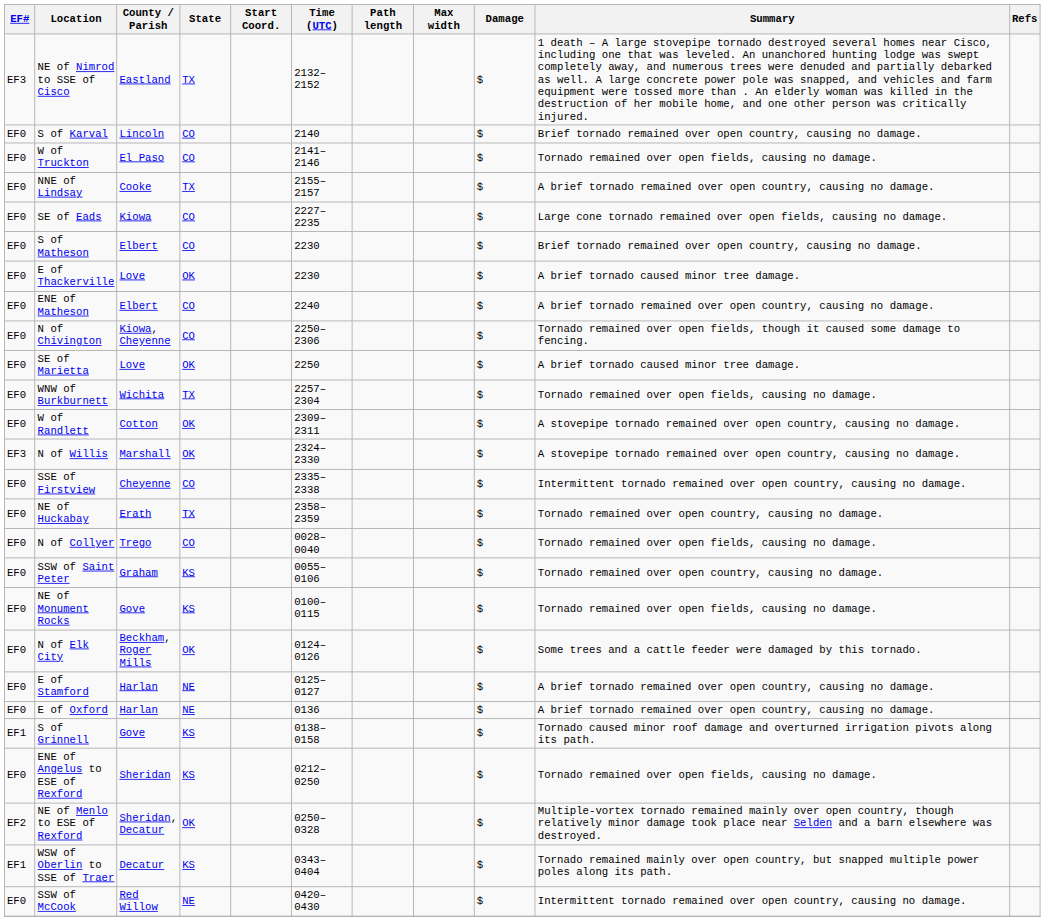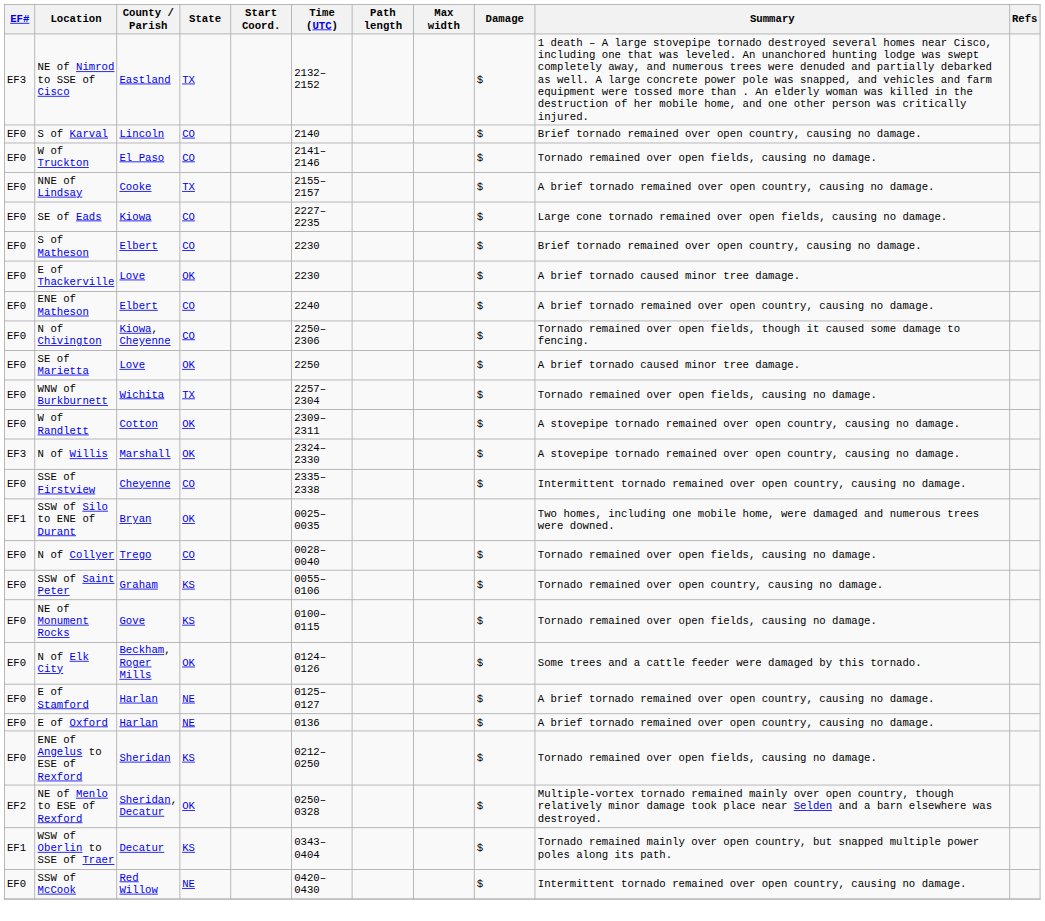 <table class="wikitable sortable" style="width:100%;">
 <tr>
 <th scope="col" width="3%" align="center"><a href='#'>EF#</a></th>
 <th scope="col" width="7%" align="center" class="unsortable">Location</th>
 <th scope="col" width="6%" align="center" class="unsortable">County / Parish</th>
 <th scope="col" width="5%" align="center">State</th>
 <th scope="col" width="6%" align="center">Start Coord.</th>
 <th scope="col" width="6%" align="center">Time (<a href='#'>UTC</a>)</th>
 <th scope="col" width="6%" align="center">Path length</th>
 <th scope="col" width="6%" align="center">Max width</th>
 <th scope="col" width="6%" align="center">Damage</th>
 <th scope="col" width="48%" class="unsortable" align="center">Summary</th>
 <th scope="col" width="48%" class="unsortable" align="center">Refs</th>
 </tr>
 <tr>
 <td>EF3</td>
 <td>NE of <a href='#'>Nimrod</a> to SSE of <a href='#'>Cisco</a></td>
 <td><a href='#'>Eastland</a></td>
 <td><a href='#'>TX</a></td>
 <td></td>
 <td>2132–2152</td>
 <td></td>
 <td></td>
 <td>$</td>
 <td>1 death – A large stovepipe tornado destroyed several homes near Cisco, including one that was leveled. An unanchored hunting lodge was swept completely away, and numerous trees were denuded and partially debarked as well. A large concrete power pole was snapped, and vehicles and farm equipment were tossed more than . An elderly woman was killed in the destruction of her mobile home, and one other person was critically injured.</td>
 <td></td>
 </tr>
 <tr>
 <td>EF0</td>
 <td>S of <a href='#'>Karval</a></td>
 <td><a href='#'>Lincoln</a></td>
 <td><a href='#'>CO</a></td>
 <td></td>
 <td>2140</td>
 <td></td>
 <td></td>
 <td>$</td>
 <td>Brief tornado remained over open country, causing no damage.</td>
 <td></td>
 </tr>
 <tr>
 <td>EF0</td>
 <td>W of <a href='#'>Truckton</a></td>
 <td><a href='#'>El Paso</a></td>
 <td><a href='#'>CO</a></td>
 <td></td>
 <td>2141–2146</td>
 <td></td>
 <td></td>
 <td>$</td>
 <td>Tornado remained over open fields, causing no damage.</td>
 <td></td>
 </tr>
 <tr>
 <td>EF0</td>
 <td>NNE of <a href='#'>Lindsay</a></td>
 <td><a href='#'>Cooke</a></td>
 <td><a href='#'>TX</a></td>
 <td></td>
 <td>2155–2157</td>
 <td></td>
 <td></td>
 <td>$</td>
 <td>A brief tornado remained over open country, causing no damage.</td>
 <td></td>
 </tr>
 <tr>
 <td>EF0</td>
 <td>SE of <a href='#'>Eads</a></td>
 <td><a href='#'>Kiowa</a></td>
 <td><a href='#'>CO</a></td>
 <td></td>
 <td>2227–2235</td>
 <td></td>
 <td></td>
 <td>$</td>
 <td>Large cone tornado remained over open fields, causing no damage.</td>
 <td></td>
 </tr>
 <tr>
 <td>EF0</td>
 <td>S of <a href='#'>Matheson</a></td>
 <td><a href='#'>Elbert</a></td>
 <td><a href='#'>CO</a></td>
 <td></td>
 <td>2230</td>
 <td></td>
 <td></td>
 <td>$</td>
 <td>Brief tornado remained over open country, causing no damage.</td>
 <td></td>
 </tr>
 <tr>
 <td>EF0</td>
 <td>E of <a href='#'>Thackerville</a></td>
 <td><a href='#'>Love</a></td>
 <td><a href='#'>OK</a></td>
 <td></td>
 <td>2230</td>
 <td></td>
 <td></td>
 <td>$</td>
 <td>A brief tornado caused minor tree damage.</td>
 <td></td>
 </tr>
 <tr>
 <td>EF0</td>
 <td>ENE of <a href='#'>Matheson</a></td>
 <td><a href='#'>Elbert</a></td>
 <td><a href='#'>CO</a></td>
 <td></td>
 <td>2240</td>
 <td></td>
 <td></td>
 <td>$</td>
 <td>A brief tornado remained over open country, causing no damage.</td>
 <td></td>
 </tr>
 <tr>
 <td>EF0</td>
 <td>N of <a href='#'>Chivington</a></td>
 <td><a href='#'>Kiowa</a>, <a href='#'>Cheyenne</a></td>
 <td><a href='#'>CO</a></td>
 <td></td>
 <td>2250–2306</td>
 <td></td>
 <td></td>
 <td>$</td>
 <td>Tornado remained over open fields, though it caused some damage to fencing.</td>
 <td></td>
 </tr>
 <tr>
 <td>EF0</td>
 <td>SE of <a href='#'>Marietta</a></td>
 <td><a href='#'>Love</a></td>
 <td><a href='#'>OK</a></td>
 <td></td>
 <td>2250</td>
 <td></td>
 <td></td>
 <td>$</td>
 <td>A brief tornado caused minor tree damage.</td>
 <td></td>
 </tr>
 <tr>
 <td>EF0</td>
 <td>WNW of <a href='#'>Burkburnett</a></td>
 <td><a href='#'>Wichita</a></td>
 <td><a href='#'>TX</a></td>
 <td></td>
 <td>2257–2304</td>
 <td></td>
 <td></td>
 <td>$</td>
 <td>Tornado remained over open fields, causing no damage.</td>
 <td></td>
 </tr>
 <tr>
 <td>EF0</td>
 <td>W of <a href='#'>Randlett</a></td>
 <td><a href='#'>Cotton</a></td>
 <td><a href='#'>OK</a></td>
 <td></td>
 <td>2309–2311</td>
 <td></td>
 <td></td>
 <td>$</td>
 <td>A stovepipe tornado remained over open country, causing no damage.</td>
 <td></td>
 </tr>
 <tr>
 <td>EF3</td>
 <td>N of <a href='#'>Willis</a></td>
 <td><a href='#'>Marshall</a></td>
 <td><a href='#'>OK</a></td>
 <td></td>
 <td>2324–2330</td>
 <td></td>
 <td></td>
 <td>$</td>
 <td>A stovepipe tornado remained over open country, causing no damage.</td>
 <td></td>
 </tr>
 <tr>
 <td>EF0</td>
 <td>SSE of <a href='#'>Firstview</a></td>
 <td><a href='#'>Cheyenne</a></td>
 <td><a href='#'>CO</a></td>
 <td></td>
 <td>2335–2338</td>
 <td></td>
 <td></td>
 <td>$</td>
 <td>Intermittent tornado remained over open country, causing no damage.</td>
 <td></td>
 </tr>
 <tr>
-<td>EF0</td>
-<td>NE of <a href='#'>Huckabay</a></td>
-<td><a href='#'>Erath</a></td>
-<td><a href='#'>TX</a></td>
+<td>EF1</td>
+<td>SSW of <a href='#'>Silo</a> to ENE of <a href='#'>Durant</a></td>
+<td><a href='#'>Bryan</a></td>
+<td><a href='#'>OK</a></td>
 <td></td>
-<td>2358–2359</td>
+<td>0025–0035</td>
 <td></td>
 <td></td>
-<td>$</td>
-<td>Tornado remained over open country, causing no damage.</td>
+<td></td>
+<td>Two homes, including one mobile home, were damaged and numerous trees were downed.</td>
 <td></td>
 </tr>
 <tr>
 <td>EF0</td>
 <td>N of <a href='#'>Collyer</a></td>
 <td><a href='#'>Trego</a></td>
 <td><a href='#'>CO</a></td>
 <td></td>
 <td>0028–0040</td>
 <td></td>
 <td></td>
 <td>$</td>
 <td>Tornado remained over open fields, causing no damage.</td>
 <td></td>
 </tr>
 <tr>
 <td>EF0</td>
 <td>SSW of <a href='#'>Saint Peter</a></td>
 <td><a href='#'>Graham</a></td>
 <td><a href='#'>KS</a></td>
 <td></td>
 <td>0055–0106</td>
 <td></td>
 <td></td>
 <td>$</td>
 <td>Tornado remained over open country, causing no damage.</td>
 <td></td>
 </tr>
 <tr>
 <td>EF0</td>
 <td>NE of <a href='#'>Monument Rocks</a></td>
 <td><a href='#'>Gove</a></td>
 <td><a href='#'>KS</a></td>
 <td></td>
 <td>0100–0115</td>
 <td></td>
 <td></td>
 <td>$</td>
 <td>Tornado remained over open fields, causing no damage.</td>
 <td></td>
 </tr>
 <tr>
 <td>EF0</td>
 <td>N of <a href='#'>Elk City</a></td>
 <td><a href='#'>Beckham</a>, <a href='#'>Roger Mills</a></td>
 <td><a href='#'>OK</a></td>
 <td></td>
 <td>0124–0126</td>
 <td></td>
 <td></td>
 <td>$</td>
 <td>Some trees and a cattle feeder were damaged by this tornado.</td>
 <td></td>
 </tr>
 <tr>
 <td>EF0</td>
 <td>E of <a href='#'>Stamford</a></td>
 <td><a href='#'>Harlan</a></td>
 <td><a href='#'>NE</a></td>
 <td></td>
 <td>0125–0127</td>
 <td></td>
 <td></td>
 <td>$</td>
 <td>A brief tornado remained over open country, causing no damage.</td>
 <td></td>
 </tr>
 <tr>
 <td>EF0</td>
 <td>E of <a href='#'>Oxford</a></td>
 <td><a href='#'>Harlan</a></td>
 <td><a href='#'>NE</a></td>
 <td></td>
 <td>0136</td>
 <td></td>
 <td></td>
 <td>$</td>
 <td>A brief tornado remained over open country, causing no damage.</td>
 <td></td>
 </tr>
 <tr>
-<td>EF1</td>
-<td>S of <a href='#'>Grinnell</a></td>
-<td><a href='#'>Gove</a></td>
-<td><a href='#'>KS</a></td>
-<td></td>
-<td>0138–0158</td>
-<td></td>
-<td></td>
-<td>$</td>
-<td>Tornado caused minor roof damage and overturned irrigation pivots along its path.</td>
-<td></td>
-</tr>
-<tr>
 <td>EF0</td>
 <td>ENE of <a href='#'>Angelus</a> to ESE of <a href='#'>Rexford</a></td>
 <td><a href='#'>Sheridan</a></td>
 <td><a href='#'>KS</a></td>
 <td></td>
 <td>0212–0250</td>
 <td></td>
 <td></td>
 <td>$</td>
 <td>Tornado remained over open fields, causing no damage.</td>
 <td></td>
 </tr>
 <tr>
 <td>EF2</td>
 <td>NE of <a href='#'>Menlo</a> to ESE of <a href='#'>Rexford</a></td>
 <td><a href='#'>Sheridan</a>, <a href='#'>Decatur</a></td>
 <td><a href='#'>OK</a></td>
 <td></td>
 <td>0250–0328</td>
 <td></td>
 <td></td>
 <td>$</td>
 <td>Multiple-vortex tornado remained mainly over open country, though relatively minor damage took place near <a href='#'>Selden</a> and a barn elsewhere was destroyed.</td>
 <td></td>
 </tr>
 <tr>
 <td>EF1</td>
 <td>WSW of <a href='#'>Oberlin</a> to SSE of <a href='#'>Traer</a></td>
 <td><a href='#'>Decatur</a></td>
 <td><a href='#'>KS</a></td>
 <td></td>
 <td>0343–0404</td>
 <td></td>
 <td></td>
 <td>$</td>
 <td>Tornado remained mainly over open country, but snapped multiple power poles along its path.</td>
 <td></td>
 </tr>
 <tr>
 <td>EF0</td>
 <td>SSW of <a href='#'>McCook</a></td>
 <td><a href='#'>Red Willow</a></td>
 <td><a href='#'>NE</a></td>
 <td></td>
 <td>0420–0430</td>
 <td></td>
 <td></td>
 <td>$</td>
 <td>Intermittent tornado remained over open country, causing no damage.</td>
 <td></td>
 </tr>
 <tr>
 </tr>
 </table>
